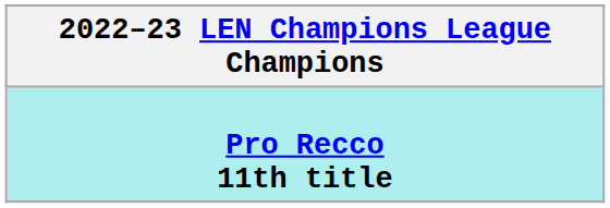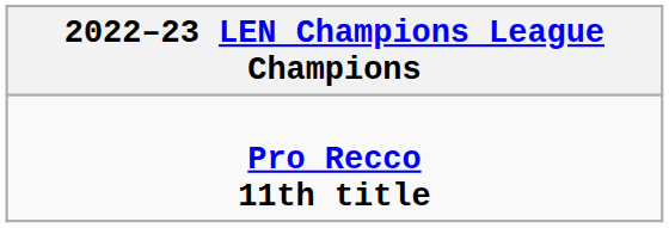 <table class="wikitable" style="margin: 0 auto; width: 30%;">
 <tr>
 <th>2022–23 <a href='#'>LEN Champions League</a><br>Champions</th>
 </tr>
 <tr>
-<td align="center" style="background: paleturquoise;"><br><strong><a href='#'>Pro Recco</a></strong><br><strong>11th title</strong></td>
+<td align="center"><br><strong><a href='#'>Pro Recco</a></strong><br><strong>11th title</strong></td>
 </tr>
 </table>
